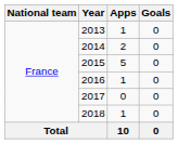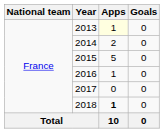 <table class="wikitable" style="text-align:center">
 <tr>
 <th>National team</th>
 <th>Year</th>
 <th>Apps</th>
 <th>Goals</th>
 </tr>
 <tr>
 <td rowspan="6"><a href='#'>France</a></td>
 <td>2013</td>
-<td>1</td>
+<td style="background: lightyellow;">1</td>
 <td>0</td>
 </tr>
 <tr>
 <td>2014</td>
 <td>2</td>
 <td>0</td>
 </tr>
 <tr>
 <td>2015</td>
 <td>5</td>
 <td>0</td>
 </tr>
 <tr>
 <td>2016</td>
 <td>1</td>
 <td>0</td>
 </tr>
 <tr>
 <td>2017</td>
 <td>0</td>
 <td>0</td>
 </tr>
 <tr>
 <td>2018</td>
-<td>1</td>
+<td><strong>1</strong></td>
 <td>0</td>
 </tr>
 <tr>
 <th colspan="2">Total</th>
 <th>10</th>
 <th>0</th>
 </tr>
 </table>
